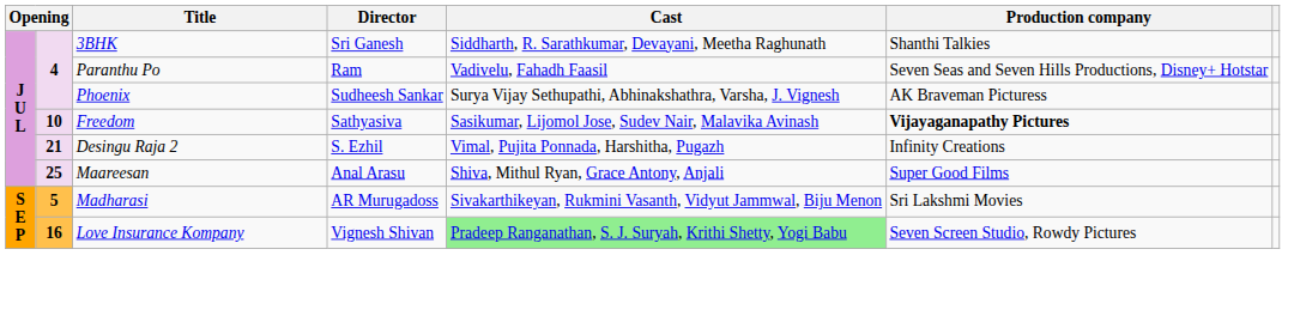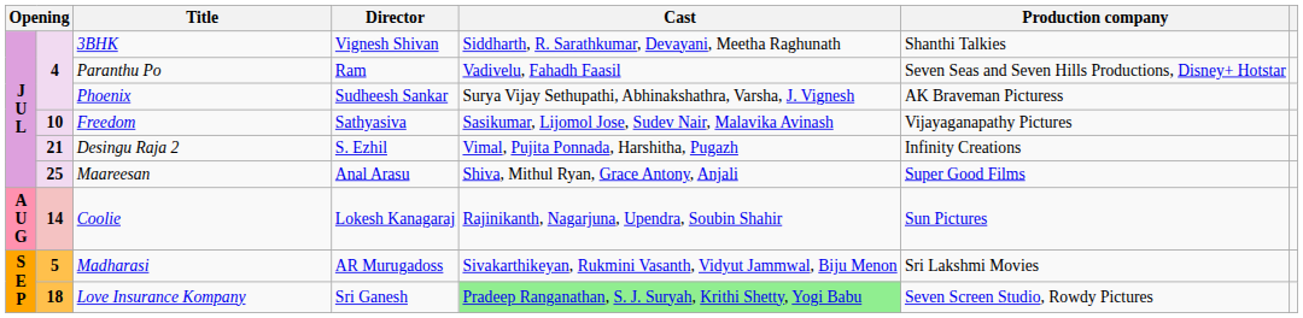 <table class="wikitable sortable">
 <tr>
 <th colspan="2">Opening</th>
 <th style="width:20%;">Title</th>
 <th>Director</th>
 <th>Cast</th>
 <th>Production company</th>
 <th class="unsortable"></th>
 </tr>
 <tr>
 <td rowspan="6" style="text-align:center; background:plum; textcolor:#000;"><strong>J<br>U<br>L</strong></td>
 <td rowspan="3" style="text-align:center;background:#f1daf1;"><strong>4</strong></td>
 <td><em><a href='#'>3BHK</a></em></td>
-<td><a href='#'>Sri Ganesh</a></td>
+<td><a href='#'>Vignesh Shivan</a></td>
 <td><a href='#'>Siddharth</a>, <a href='#'>R. Sarathkumar</a>, <a href='#'>Devayani</a>, Meetha Raghunath</td>
 <td>Shanthi Talkies</td>
 <td style="text-align: center;"></td>
 </tr>
 <tr>
 <td><em>Paranthu Po</em></td>
 <td><a href='#'>Ram</a></td>
 <td><a href='#'>Vadivelu</a>, <a href='#'>Fahadh Faasil</a></td>
 <td>Seven Seas and Seven Hills Productions, <a href='#'>Disney+ Hotstar</a></td>
 <td style="text-align: center;"></td>
 </tr>
 <tr>
 <td><em><a href='#'>Phoenix</a></em></td>
 <td><a href='#'>Sudheesh Sankar</a></td>
 <td>Surya Vijay Sethupathi, Abhinakshathra, Varsha, <a href='#'>J. Vignesh</a></td>
 <td>AK Braveman Picturess</td>
 <td style="text-align:center;"></td>
 </tr>
 <tr>
 <td rowspan="1" style="text-align:center;background:#f1daf1;"><strong>10</strong></td>
 <td><em><a href='#'>Freedom</a></em></td>
 <td><a href='#'>Sathyasiva</a></td>
 <td><a href='#'>Sasikumar</a>, <a href='#'>Lijomol Jose</a>, <a href='#'>Sudev Nair</a>, <a href='#'>Malavika Avinash</a></td>
-<td><strong>Vijayaganapathy Pictures</strong></td>
+<td>Vijayaganapathy Pictures</td>
 <td style="text-align:center;"></td>
 </tr>
 <tr>
 <td rowspan="1" style="text-align:center;background:#f1daf1;"><strong>21</strong></td>
 <td><em>Desingu Raja 2</em></td>
 <td><a href='#'>S. Ezhil</a></td>
 <td><a href='#'>Vimal</a>, <a href='#'>Pujita Ponnada</a>, Harshitha, <a href='#'>Pugazh</a></td>
 <td>Infinity Creations</td>
 <td style="text-align:center;"></td>
 </tr>
 <tr>
 <td rowspan="1" style="text-align:center;background:#f1daf1;"><strong>25</strong></td>
 <td><em>Maareesan</em></td>
 <td><a href='#'>Anal Arasu</a></td>
 <td><a href='#'>Shiva</a>, Mithul Ryan, <a href='#'>Grace Antony</a>, <a href='#'>Anjali</a></td>
 <td><a href='#'>Super Good Films</a></td>
 <td style="text-align:center;"></td>
 </tr>
 <tr>
+<td rowspan="1" style="text-align:center; background:#ff91af; textcolor:#000;"><strong>A<br>U<br>G</strong></td>
+<td rowspan="1" style="text-align:center;background:#f4c2c2;"><strong>14</strong></td>
+<td><em><a href='#'>Coolie</a></em></td>
+<td><a href='#'>Lokesh Kanagaraj</a></td>
+<td><a href='#'>Rajinikanth</a>, <a href='#'>Nagarjuna</a>, <a href='#'>Upendra</a>, <a href='#'>Soubin Shahir</a></td>
+<td><a href='#'>Sun Pictures</a></td>
+<td style="text-align:center;"></td>
+</tr>
+<tr>
 <td rowspan="16" style="text-align:center; background:orange; textcolor:#000; "><strong>S<br>E<br>P</strong></td>
 <td rowspan="1" style="text-align:center; textcolor:#000; background:#ffc04c;"><strong>5</strong></td>
 <td><em><a href='#'>Madharasi</a></em></td>
 <td><a href='#'>AR Murugadoss</a></td>
 <td><a href='#'>Sivakarthikeyan</a>, <a href='#'>Rukmini Vasanth</a>, <a href='#'>Vidyut Jammwal</a>, <a href='#'>Biju Menon</a></td>
 <td>Sri Lakshmi Movies</td>
 <td style="text-align:center;"></td>
 </tr>
 <tr>
-<td rowspan="1" style="text-align:center; textcolor:#000; background:#ffc04c;"><strong>16</strong></td>
+<td rowspan="1" style="text-align:center; textcolor:#000; background:#ffc04c;"><strong>18</strong></td>
 <td><em><a href='#'>Love Insurance Kompany</a></em></td>
-<td><a href='#'>Vignesh Shivan</a></td>
+<td><a href='#'>Sri Ganesh</a></td>
 <td style="background: lightgreen;"><a href='#'>Pradeep Ranganathan</a>, <a href='#'>S. J. Suryah</a>, <a href='#'>Krithi Shetty</a>, <a href='#'>Yogi Babu</a></td>
 <td><a href='#'>Seven Screen Studio</a>, Rowdy Pictures</td>
 <td style="text-align:center;"></td>
 </tr>
 </table>
